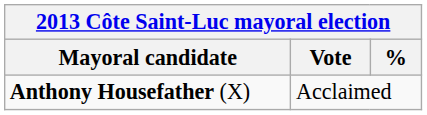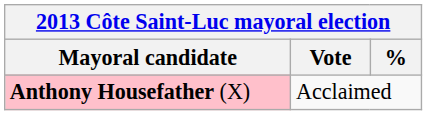 <table class="wikitable">
 <tr>
 <th colspan="3"><a href='#'>2013 Côte Saint-Luc mayoral election</a></th>
 </tr>
 <tr>
 <th bgcolor="#DDDDFF" width="200px">Mayoral candidate</th>
 <th bgcolor="#DDDDFF" width="50px">Vote</th>
 <th bgcolor="#DDDDFF"  width="30px">%</th>
 </tr>
 <tr>
-<td><strong>Anthony Housefather</strong> (X)</td>
+<td style="background: pink;"><strong>Anthony Housefather</strong> (X)</td>
 <td colspan="2">Acclaimed</td>
 </tr>
 </table>
